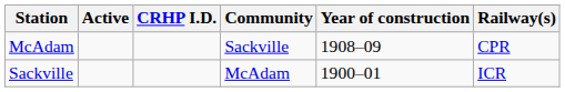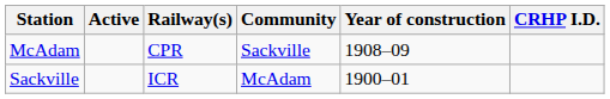 <table class="wikitable sortable">
 <tr>
 <th>Station</th>
 <th>Active</th>
-<th><a href='#'>CRHP</a> I.D.</th>
+<th>Railway(s)</th>
 <th>Community</th>
 <th>Year of construction</th>
-<th>Railway(s)</th>
+<th><a href='#'>CRHP</a> I.D.</th>
 </tr>
 <tr>
 <td><a href='#'>McAdam</a></td>
 <td></td>
-<td></td>
+<td><a href='#'>CPR</a></td>
 <td><a href='#'>Sackville</a></td>
 <td>1908–09</td>
-<td><a href='#'>CPR</a></td>
+<td></td>
 </tr>
 <tr>
 <td><a href='#'>Sackville</a></td>
 <td></td>
-<td></td>
+<td><a href='#'>ICR</a></td>
 <td><a href='#'>McAdam</a></td>
 <td>1900–01</td>
-<td><a href='#'>ICR</a></td>
+<td></td>
 </tr>
 </table>
